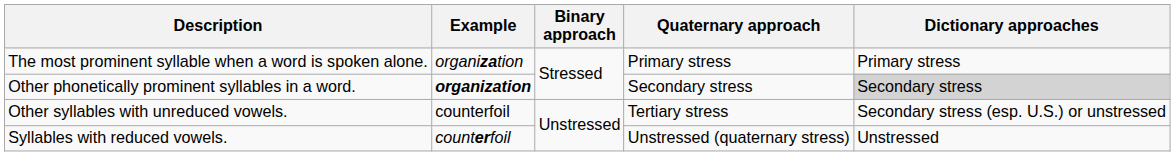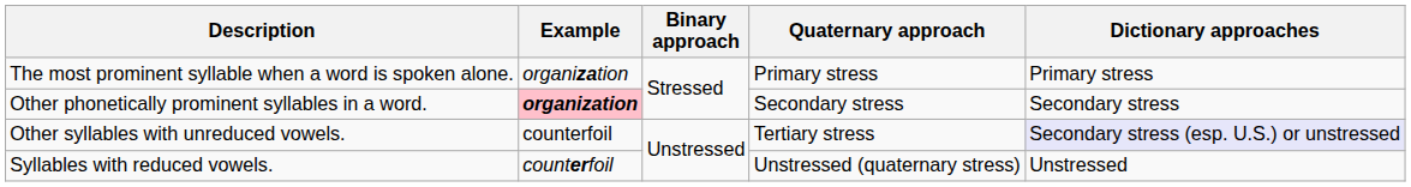 <table class="wikitable">
 <tr>
 <th>Description</th>
 <th>Example</th>
 <th>Binary<br>approach</th>
 <th>Quaternary approach</th>
 <th>Dictionary approaches</th>
 </tr>
 <tr>
 <td>The most prominent syllable when a word is spoken alone.</td>
 <td><em>organi<strong>za</strong>tion</em></td>
 <td rowspan=2>Stressed</td>
 <td>Primary stress</td>
 <td>Primary stress</td>
 </tr>
 <tr>
 <td>Other phonetically prominent syllables in a word.</td>
-<td><strong><em>or<strong>ganization<em></td>
+<td style="background: pink;"><strong><em>or<strong>ganization<em></td>
 <td>Secondary stress</td>
-<td style="background: lightgrey;">Secondary stress</td>
+<td>Secondary stress</td>
 </tr>
 <tr>
 <td>Other syllables with unreduced vowels.</td>
 <td></em>counter</strong>foil</em></strong></td>
 <td rowspan=2>Unstressed</td>
 <td>Tertiary stress</td>
-<td>Secondary stress (esp. U.S.) or unstressed</td>
+<td style="background: lavender;">Secondary stress (esp. U.S.) or unstressed</td>
 </tr>
 <tr>
 <td>Syllables with reduced vowels.</td>
 <td><em>count<strong>er</strong>foil</em></td>
 <td>Unstressed (quaternary stress)</td>
 <td>Unstressed</td>
 </tr>
 </table>
